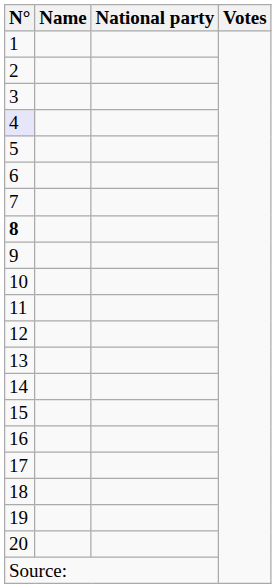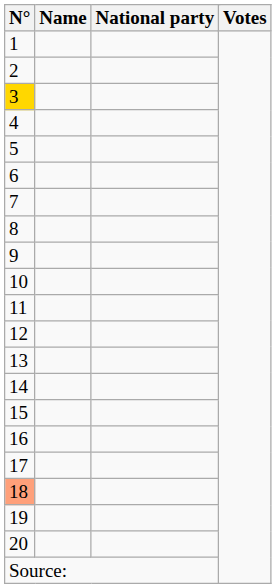 <table class="wikitable sortable" style="font-size:95%;line-height:14px;">
 <tr>
 <th>N°</th>
 <th>Name</th>
 <th colspan="2">National party</th>
 <th>Votes</th>
 </tr>
 <tr>
 <td>1</td>
 <td></td>
 <td></td>
 </tr>
 <tr>
 <td>2</td>
 <td></td>
 <td></td>
 </tr>
 <tr>
-<td>3</td>
+<td style="background: gold;">3</td>
 <td></td>
 <td></td>
 </tr>
 <tr>
-<td style="background: lavender;">4</td>
+<td>4</td>
 <td></td>
 <td></td>
 </tr>
 <tr>
 <td>5</td>
 <td></td>
 <td></td>
 </tr>
 <tr>
 <td>6</td>
 <td></td>
 <td></td>
 </tr>
 <tr>
 <td>7</td>
 <td></td>
 <td></td>
 </tr>
 <tr>
-<td><strong>8</strong></td>
+<td>8</td>
 <td></td>
 <td></td>
 </tr>
 <tr>
 <td>9</td>
 <td></td>
 <td></td>
 </tr>
 <tr>
 <td>10</td>
 <td></td>
 <td></td>
 </tr>
 <tr>
 <td>11</td>
 <td></td>
 <td></td>
 </tr>
 <tr>
 <td>12</td>
 <td></td>
 <td></td>
 </tr>
 <tr>
 <td>13</td>
 <td></td>
 <td></td>
 </tr>
 <tr>
 <td>14</td>
 <td></td>
 <td></td>
 </tr>
 <tr>
 <td>15</td>
 <td></td>
 <td></td>
 </tr>
 <tr>
 <td>16</td>
 <td></td>
 <td></td>
 </tr>
 <tr>
 <td>17</td>
 <td></td>
 <td></td>
 </tr>
 <tr>
-<td>18</td>
+<td style="background: lightsalmon;">18</td>
 <td></td>
 <td></td>
 </tr>
 <tr>
 <td>19</td>
 <td></td>
 <td></td>
 </tr>
 <tr>
 <td>20</td>
 <td></td>
 <td></td>
 </tr>
 <tr>
 <td colspan="3">Source: </td>
 </tr>
 </table>
